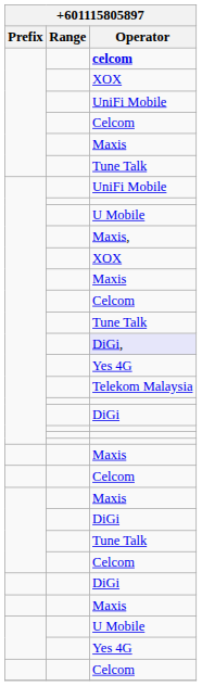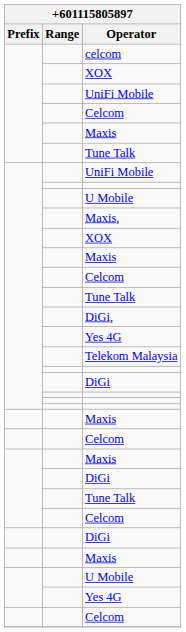 <table class="wikitable">
 <tr>
 <th colspan="3">+601115805897</th>
 </tr>
 <tr>
 <th>Prefix</th>
 <th>Range</th>
 <th>Operator</th>
 </tr>
 <tr>
 <td rowspan="6"></td>
 <td></td>
-<td><strong><a href='#'>celcom</a></strong></td>
+<td><a href='#'>celcom</a></td>
 </tr>
 <tr>
 <td></td>
 <td><a href='#'>XOX</a></td>
 </tr>
 <tr>
 <td></td>
 <td><a href='#'>UniFi Mobile</a></td>
 </tr>
 <tr>
 <td></td>
 <td><a href='#'>Celcom</a></td>
 </tr>
 <tr>
 <td></td>
 <td><a href='#'>Maxis</a></td>
 </tr>
 <tr>
 <td></td>
 <td><a href='#'>Tune Talk</a></td>
 </tr>
 <tr>
 <td rowspan="16"></td>
 <td></td>
 <td><a href='#'>UniFi Mobile</a></td>
 </tr>
 <tr>
 <td></td>
 <td></td>
 </tr>
 <tr>
 <td></td>
 <td><a href='#'>U Mobile</a></td>
 </tr>
 <tr>
 <td></td>
 <td><a href='#'>Maxis</a>, </td>
 </tr>
 <tr>
 <td></td>
 <td><a href='#'>XOX</a></td>
 </tr>
 <tr>
 <td></td>
 <td><a href='#'>Maxis</a></td>
 </tr>
 <tr>
 <td></td>
 <td><a href='#'>Celcom</a></td>
 </tr>
 <tr>
 <td></td>
 <td><a href='#'>Tune Talk</a></td>
 </tr>
 <tr>
 <td></td>
-<td style="background: lavender;"><a href='#'>DiGi</a>, </td>
+<td><a href='#'>DiGi</a>, </td>
 </tr>
 <tr>
 <td></td>
 <td><a href='#'>Yes 4G</a></td>
 </tr>
 <tr>
 <td></td>
 <td><a href='#'>Telekom Malaysia</a></td>
 </tr>
 <tr>
 <td></td>
 <td></td>
 </tr>
 <tr>
 <td></td>
 <td><a href='#'>DiGi</a></td>
 </tr>
 <tr>
 <td></td>
 <td></td>
 </tr>
 <tr>
 <td></td>
 <td></td>
 </tr>
 <tr>
 <td></td>
 <td></td>
 </tr>
 <tr>
 <td></td>
 <td></td>
 <td><a href='#'>Maxis</a></td>
 </tr>
 <tr>
 <td></td>
 <td></td>
 <td><a href='#'>Celcom</a></td>
 </tr>
 <tr>
 <td rowspan="4"></td>
 <td></td>
 <td><a href='#'>Maxis</a></td>
 </tr>
 <tr>
 <td></td>
 <td><a href='#'>DiGi</a></td>
 </tr>
 <tr>
 <td></td>
 <td><a href='#'>Tune Talk</a></td>
 </tr>
 <tr>
 <td></td>
 <td><a href='#'>Celcom</a></td>
 </tr>
 <tr>
 <td></td>
 <td></td>
 <td><a href='#'>DiGi</a></td>
 </tr>
 <tr>
 <td></td>
 <td></td>
 <td><a href='#'>Maxis</a></td>
 </tr>
 <tr>
 <td rowspan="2"></td>
 <td></td>
 <td><a href='#'>U Mobile</a></td>
 </tr>
 <tr>
 <td></td>
 <td><a href='#'>Yes 4G</a></td>
 </tr>
 <tr>
 <td></td>
 <td></td>
 <td><a href='#'>Celcom</a></td>
 </tr>
 <tr>
 </tr>
 </table>
